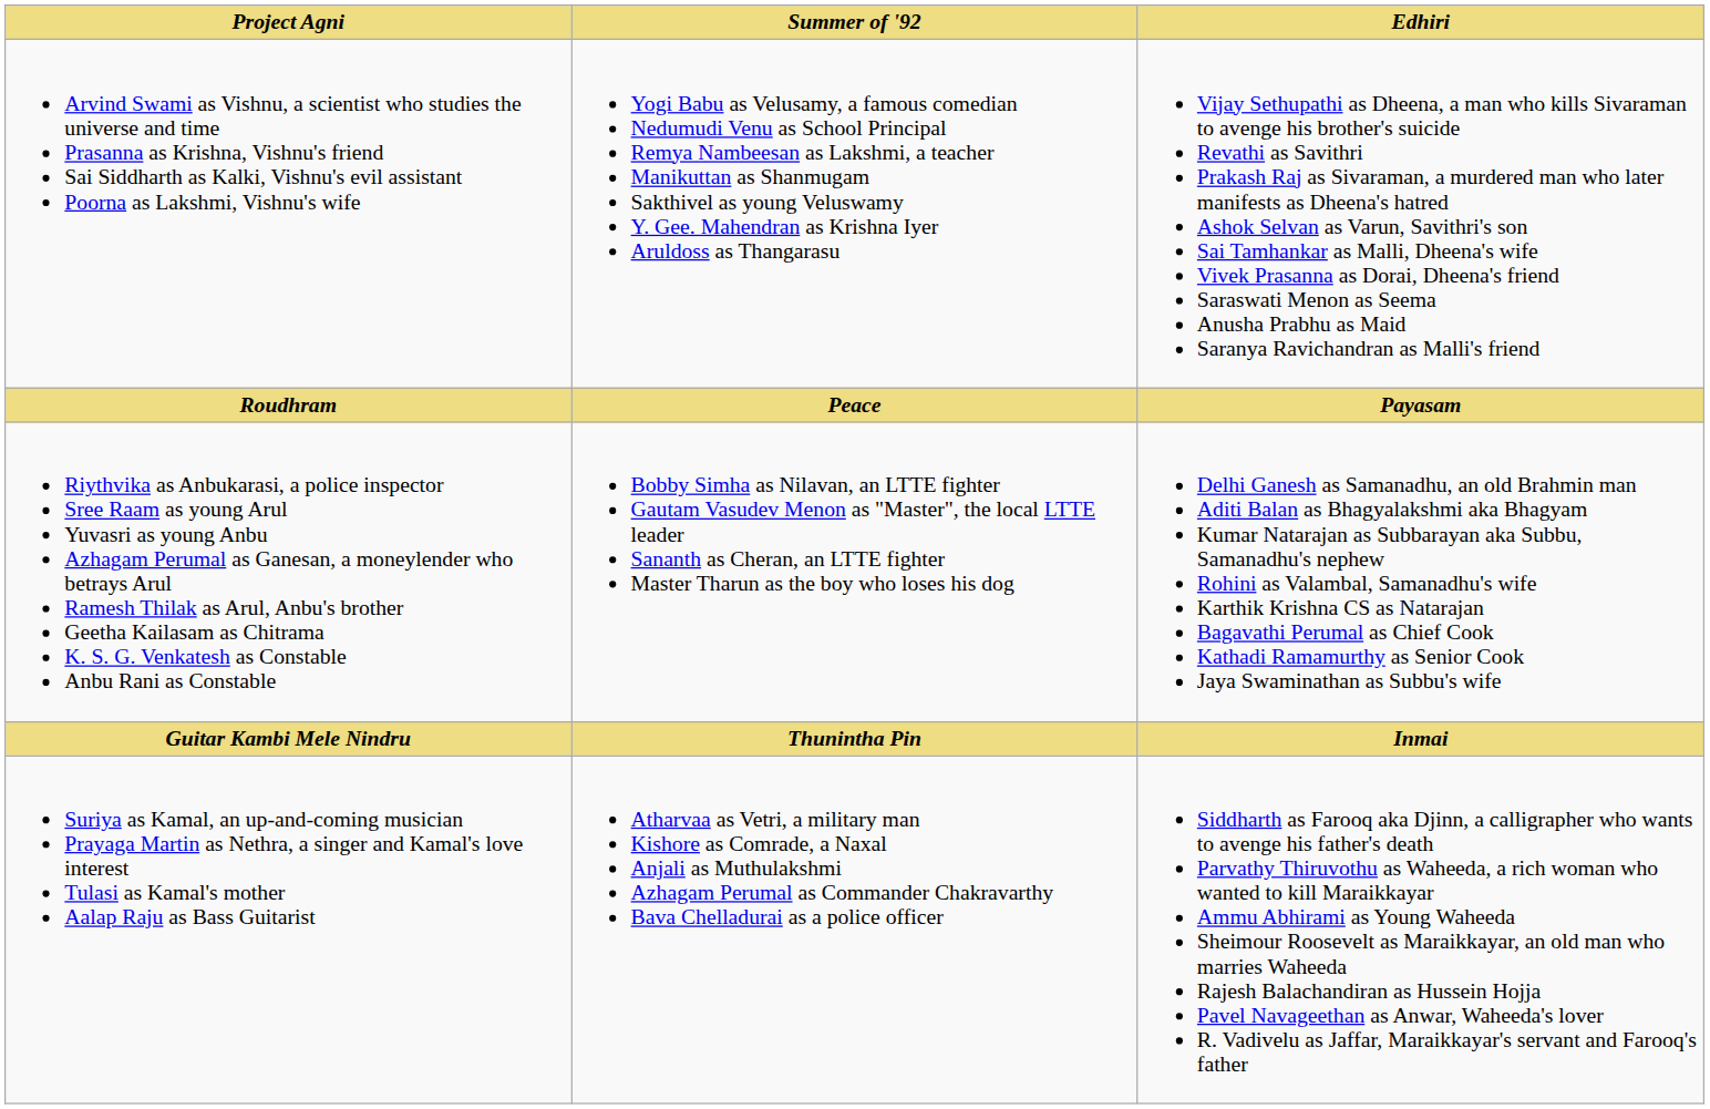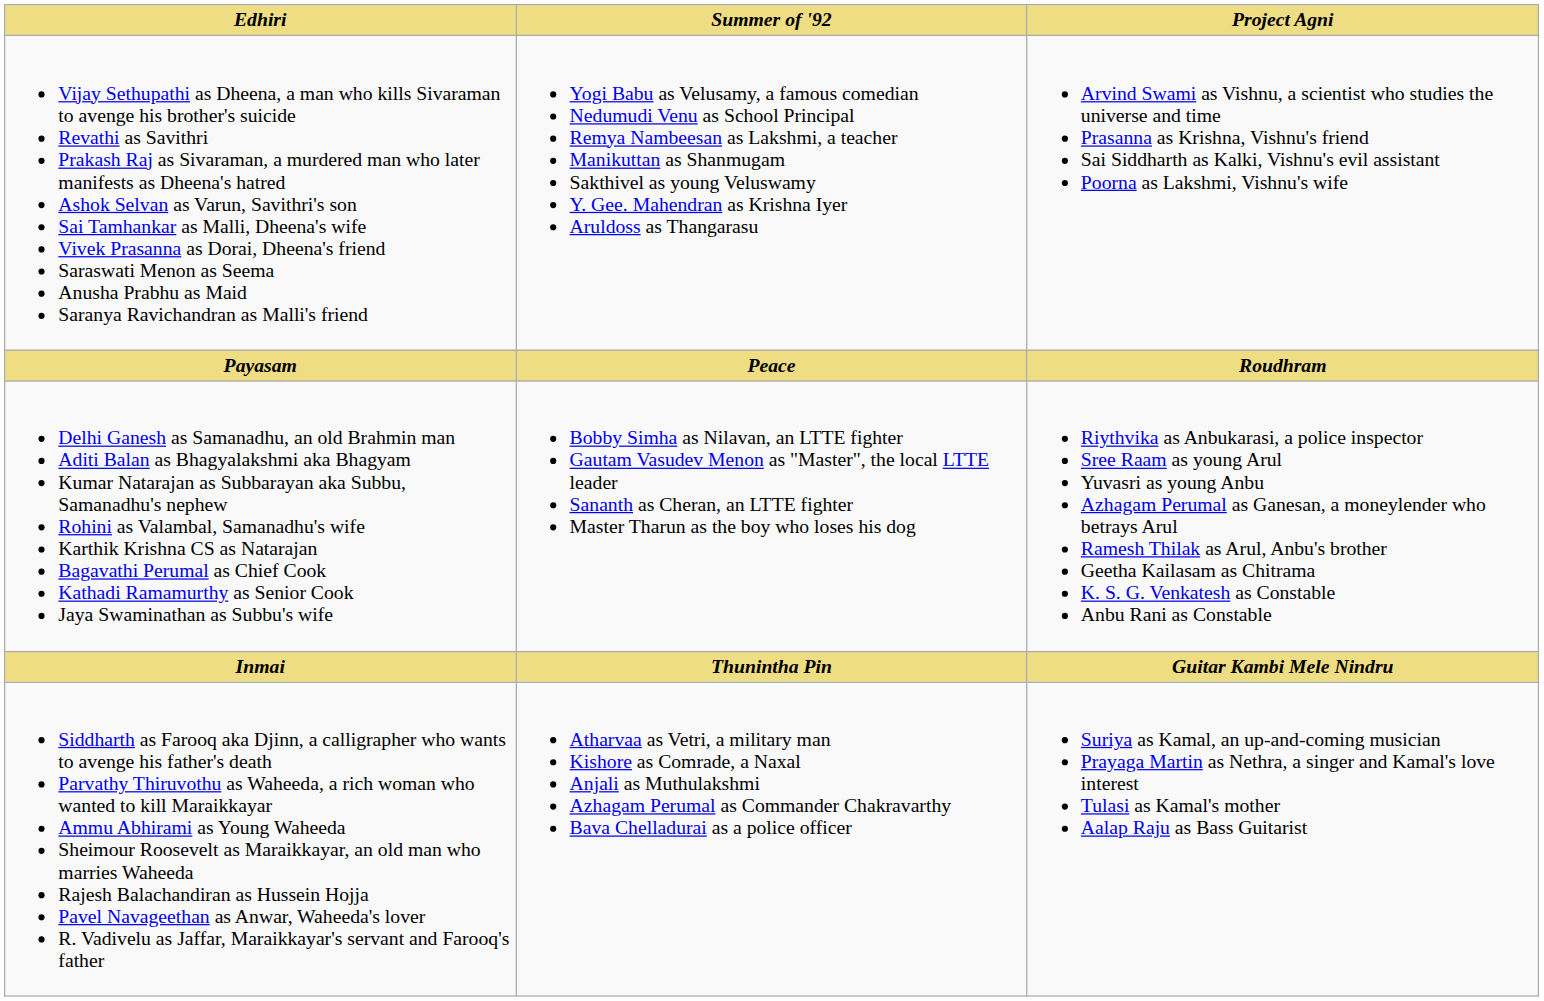 <table class=wikitable>
 <tr>
+<th style="background:#EEDD82; width:20%"><em>Edhiri </em></th>
+<th style="background:#EEDD82; width:20%"><em>Summer of '92 </em></th>
 <th style="background:#EEDD82; width:20%"><em>Project Agni </em></th>
-<th style="background:#EEDD82; width:20%"><em>Summer of '92 </em></th>
-<th style="background:#EEDD82; width:20%"><em>Edhiri </em></th>
 </tr>
 <tr>
+<td valign="top"><br><ul><li><a href='#'>Vijay Sethupathi</a> as Dheena, a man who kills Sivaraman to avenge his brother's suicide</li><li><a href='#'>Revathi</a> as Savithri</li><li><a href='#'>Prakash Raj</a> as Sivaraman, a murdered man who later manifests as Dheena's hatred</li><li><a href='#'>Ashok Selvan</a> as Varun, Savithri's son</li><li><a href='#'>Sai Tamhankar</a> as Malli, Dheena's wife</li><li><a href='#'>Vivek Prasanna</a> as Dorai, Dheena's friend</li><li>Saraswati Menon as Seema</li><li>Anusha Prabhu as Maid</li><li>Saranya Ravichandran as Malli's friend</li></ul></td>
+<td valign="top"><br><ul><li><a href='#'>Yogi Babu</a> as Velusamy, a famous comedian</li><li><a href='#'>Nedumudi Venu</a> as School Principal</li><li><a href='#'>Remya Nambeesan</a> as Lakshmi, a teacher</li><li><a href='#'>Manikuttan</a> as Shanmugam</li><li>Sakthivel as young Veluswamy</li><li><a href='#'>Y. Gee. Mahendran</a> as Krishna Iyer</li><li><a href='#'>Aruldoss</a> as Thangarasu</li></ul></td>
 <td valign="top"><br><ul><li><a href='#'>Arvind Swami</a> as Vishnu, a scientist who studies the universe and time</li><li><a href='#'>Prasanna</a> as Krishna, Vishnu's friend</li><li>Sai Siddharth as Kalki, Vishnu's evil assistant</li><li><a href='#'>Poorna</a> as Lakshmi, Vishnu's wife</li></ul></td>
-<td valign="top"><br><ul><li><a href='#'>Yogi Babu</a> as Velusamy, a famous comedian</li><li><a href='#'>Nedumudi Venu</a> as School Principal</li><li><a href='#'>Remya Nambeesan</a> as Lakshmi, a teacher</li><li><a href='#'>Manikuttan</a> as Shanmugam</li><li>Sakthivel as young Veluswamy</li><li><a href='#'>Y. Gee. Mahendran</a> as Krishna Iyer</li><li><a href='#'>Aruldoss</a> as Thangarasu</li></ul></td>
-<td valign="top"><br><ul><li><a href='#'>Vijay Sethupathi</a> as Dheena, a man who kills Sivaraman to avenge his brother's suicide</li><li><a href='#'>Revathi</a> as Savithri</li><li><a href='#'>Prakash Raj</a> as Sivaraman, a murdered man who later manifests as Dheena's hatred</li><li><a href='#'>Ashok Selvan</a> as Varun, Savithri's son</li><li><a href='#'>Sai Tamhankar</a> as Malli, Dheena's wife</li><li><a href='#'>Vivek Prasanna</a> as Dorai, Dheena's friend</li><li>Saraswati Menon as Seema</li><li>Anusha Prabhu as Maid</li><li>Saranya Ravichandran as Malli's friend</li></ul></td>
 </tr>
 <tr>
+<th style="background:#EEDD82; width:20%"><em>Payasam </em></th>
+<th style="background:#EEDD82; width:20%"><em>Peace </em></th>
 <th style="background:#EEDD82; width:20%"><em>Roudhram </em></th>
-<th style="background:#EEDD82; width:20%"><em>Peace </em></th>
-<th style="background:#EEDD82; width:20%"><em>Payasam </em></th>
 </tr>
 <tr>
+<td valign="top"><br><ul><li><a href='#'>Delhi Ganesh</a> as Samanadhu, an old Brahmin man</li><li><a href='#'>Aditi Balan</a> as Bhagyalakshmi aka Bhagyam</li><li>Kumar Natarajan as Subbarayan aka Subbu, Samanadhu's nephew</li><li><a href='#'>Rohini</a> as Valambal, Samanadhu's wife</li><li>Karthik Krishna CS as Natarajan</li><li><a href='#'>Bagavathi Perumal</a> as Chief Cook</li><li><a href='#'>Kathadi Ramamurthy</a> as Senior Cook</li><li>Jaya Swaminathan as Subbu's wife</li></ul></td>
+<td valign="top"><br><ul><li><a href='#'>Bobby Simha</a> as Nilavan, an LTTE fighter</li><li><a href='#'>Gautam Vasudev Menon</a> as "Master", the local <a href='#'>LTTE</a> leader</li><li><a href='#'>Sananth</a> as Cheran, an LTTE fighter</li><li>Master Tharun as the boy who loses his dog</li></ul></td>
 <td valign="top"><br><ul><li><a href='#'>Riythvika</a> as Anbukarasi, a police inspector</li><li><a href='#'>Sree Raam</a> as young Arul</li><li>Yuvasri as young Anbu</li><li><a href='#'>Azhagam Perumal</a> as Ganesan, a moneylender who betrays Arul</li><li><a href='#'>Ramesh Thilak</a> as Arul, Anbu's brother</li><li>Geetha Kailasam as Chitrama</li><li><a href='#'>K. S. G. Venkatesh</a> as Constable</li><li>Anbu Rani as Constable</li></ul></td>
-<td valign="top"><br><ul><li><a href='#'>Bobby Simha</a> as Nilavan, an LTTE fighter</li><li><a href='#'>Gautam Vasudev Menon</a> as "Master", the local <a href='#'>LTTE</a> leader</li><li><a href='#'>Sananth</a> as Cheran, an LTTE fighter</li><li>Master Tharun as the boy who loses his dog</li></ul></td>
-<td valign="top"><br><ul><li><a href='#'>Delhi Ganesh</a> as Samanadhu, an old Brahmin man</li><li><a href='#'>Aditi Balan</a> as Bhagyalakshmi aka Bhagyam</li><li>Kumar Natarajan as Subbarayan aka Subbu, Samanadhu's nephew</li><li><a href='#'>Rohini</a> as Valambal, Samanadhu's wife</li><li>Karthik Krishna CS as Natarajan</li><li><a href='#'>Bagavathi Perumal</a> as Chief Cook</li><li><a href='#'>Kathadi Ramamurthy</a> as Senior Cook</li><li>Jaya Swaminathan as Subbu's wife</li></ul></td>
 </tr>
 <tr>
+<th style="background:#EEDD82; width:20%"><em>Inmai </em></th>
+<th style="background:#EEDD82; width:20%"><em>Thunintha Pin </em></th>
 <th style="background:#EEDD82; width:20%"><em>Guitar Kambi Mele Nindru</em></th>
-<th style="background:#EEDD82; width:20%"><em>Thunintha Pin </em></th>
-<th style="background:#EEDD82; width:20%"><em>Inmai </em></th>
 </tr>
 <tr>
+<td valign="top"><br><ul><li><a href='#'>Siddharth</a> as Farooq aka Djinn, a calligrapher who wants to avenge his father's death</li><li><a href='#'>Parvathy Thiruvothu</a> as Waheeda, a rich woman who wanted to kill Maraikkayar</li><li><a href='#'>Ammu Abhirami</a> as Young Waheeda</li><li>Sheimour Roosevelt as Maraikkayar, an old man who marries Waheeda</li><li>Rajesh Balachandiran as Hussein Hojja</li><li><a href='#'>Pavel Navageethan</a> as Anwar, Waheeda's lover</li><li>R. Vadivelu as Jaffar, Maraikkayar's servant and Farooq's father</li></ul></td>
+<td valign="top"><br><ul><li><a href='#'>Atharvaa</a> as Vetri, a military man</li><li><a href='#'>Kishore</a> as Comrade, a Naxal</li><li><a href='#'>Anjali</a> as Muthulakshmi</li><li><a href='#'>Azhagam Perumal</a> as Commander Chakravarthy</li><li><a href='#'>Bava Chelladurai</a> as a police officer</li></ul></td>
 <td valign="top"><br><ul><li><a href='#'>Suriya</a> as Kamal, an up-and-coming musician</li><li><a href='#'>Prayaga Martin</a> as Nethra, a singer and Kamal's love interest</li><li><a href='#'>Tulasi</a> as Kamal's mother</li><li><a href='#'>Aalap Raju</a> as Bass Guitarist</li></ul></td>
-<td valign="top"><br><ul><li><a href='#'>Atharvaa</a> as Vetri, a military man</li><li><a href='#'>Kishore</a> as Comrade, a Naxal</li><li><a href='#'>Anjali</a> as Muthulakshmi</li><li><a href='#'>Azhagam Perumal</a> as Commander Chakravarthy</li><li><a href='#'>Bava Chelladurai</a> as a police officer</li></ul></td>
-<td valign="top"><br><ul><li><a href='#'>Siddharth</a> as Farooq aka Djinn, a calligrapher who wants to avenge his father's death</li><li><a href='#'>Parvathy Thiruvothu</a> as Waheeda, a rich woman who wanted to kill Maraikkayar</li><li><a href='#'>Ammu Abhirami</a> as Young Waheeda</li><li>Sheimour Roosevelt as Maraikkayar, an old man who marries Waheeda</li><li>Rajesh Balachandiran as Hussein Hojja</li><li><a href='#'>Pavel Navageethan</a> as Anwar, Waheeda's lover</li><li>R. Vadivelu as Jaffar, Maraikkayar's servant and Farooq's father</li></ul></td>
 </tr>
 </table>
